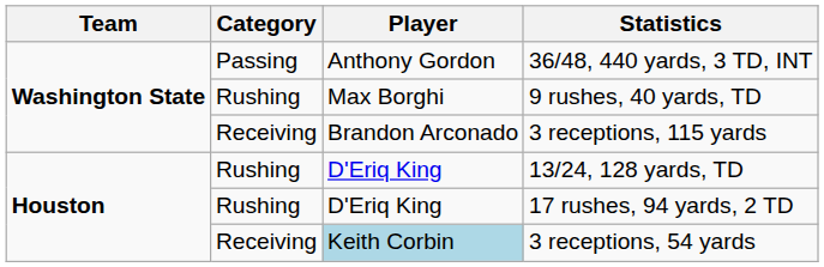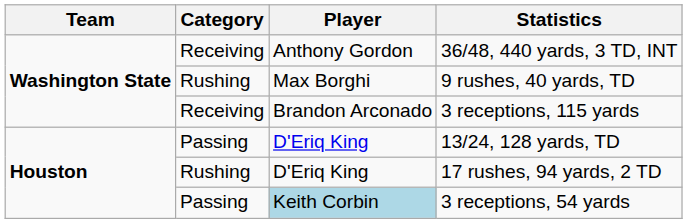 <table class="wikitable" style="float: right;">
 <tr>
 <th>Team</th>
 <th>Category</th>
 <th>Player</th>
 <th>Statistics</th>
 </tr>
 <tr>
 <td rowspan=3><strong>Washington State</strong></td>
-<td>Passing</td>
+<td>Receiving</td>
 <td>Anthony Gordon</td>
 <td>36/48, 440 yards, 3 TD, INT</td>
 </tr>
 <tr>
 <td>Rushing</td>
 <td>Max Borghi</td>
 <td>9 rushes, 40 yards, TD</td>
 </tr>
 <tr>
 <td>Receiving</td>
 <td>Brandon Arconado</td>
 <td>3 receptions, 115 yards</td>
 </tr>
 <tr>
 <td rowspan=3><strong>Houston</strong></td>
-<td>Rushing</td>
+<td>Passing</td>
 <td><a href='#'>D'Eriq King</a></td>
 <td>13/24, 128 yards, TD</td>
 </tr>
 <tr>
 <td>Rushing</td>
 <td>D'Eriq King</td>
 <td>17 rushes, 94 yards, 2 TD</td>
 </tr>
 <tr>
-<td>Receiving</td>
+<td>Passing</td>
 <td style="background: lightblue;">Keith Corbin</td>
 <td>3 receptions, 54 yards</td>
 </tr>
 </table>
